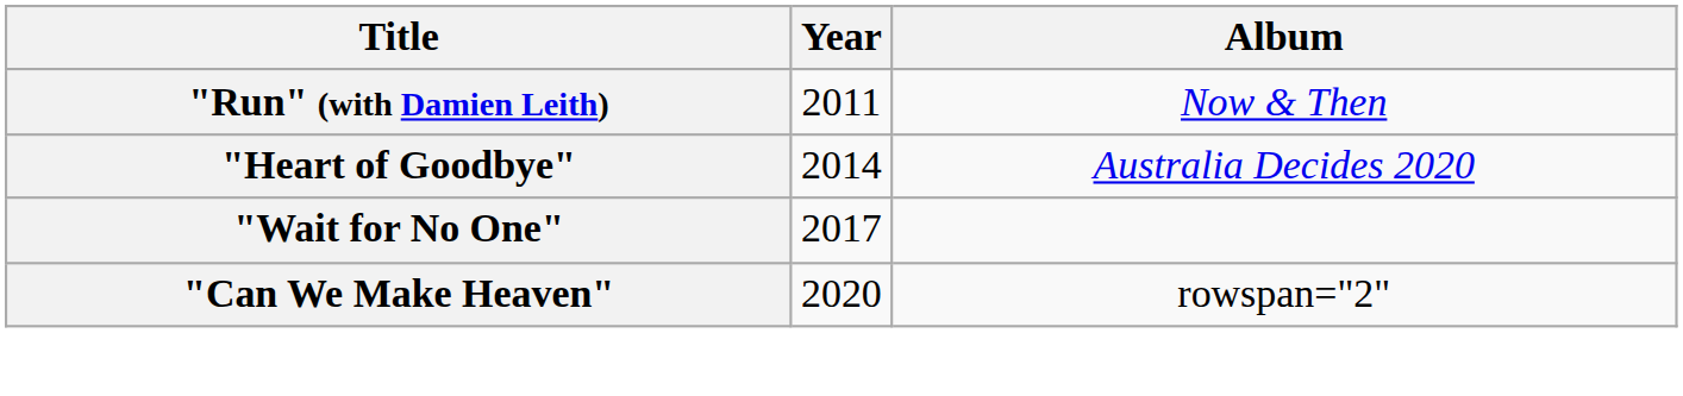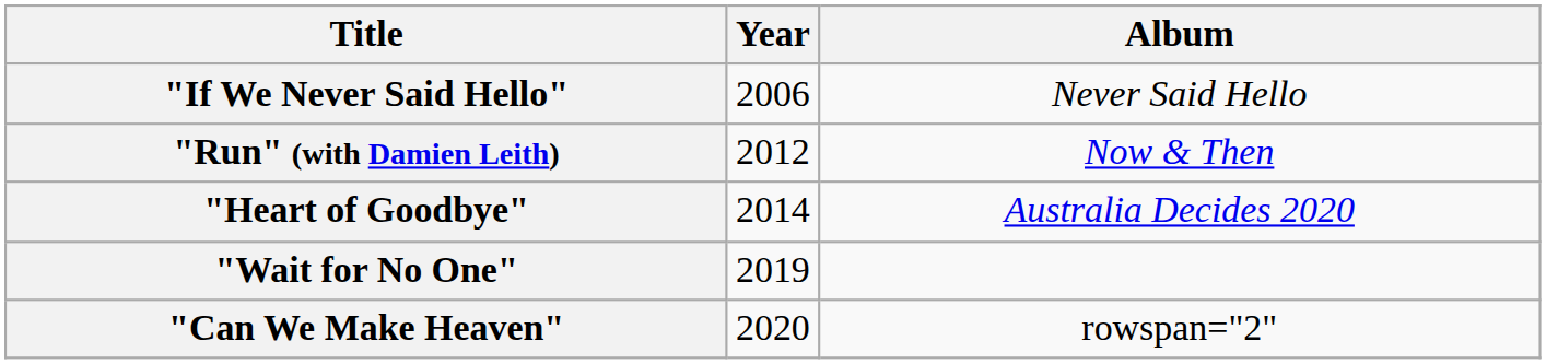 <table class="wikitable plainrowheaders" style="text-align:center;" border="1">
 <tr>
 <th scope="col" style="width:19em;">Title</th>
 <th scope="col" style="width:1em;">Year</th>
 <th scope="col" style="width:19em;">Album</th>
 </tr>
 <tr>
+<th scope="row">"If We Never Said Hello"</th>
+<td>2006</td>
+<td><em>Never Said Hello</em></td>
+</tr>
+<tr>
 <th scope="row">"Run" <small>(with <a href='#'>Damien Leith</a>)</small></th>
-<td>2011</td>
+<td>2012</td>
 <td><em><a href='#'>Now & Then</a></em></td>
 </tr>
 <tr>
 <th scope="row">"Heart of Goodbye"</th>
 <td>2014</td>
 <td><em><a href='#'>Australia Decides 2020</a></em></td>
 </tr>
 <tr>
 <th scope="row">"Wait for No One"</th>
-<td>2017</td>
+<td>2019</td>
 </tr>
 <tr>
 <th scope="row">"Can We Make Heaven"</th>
 <td>2020</td>
 <td>rowspan="2" </td>
 </tr>
 </table>
